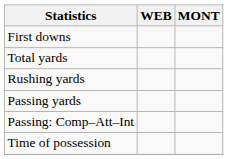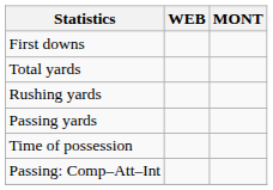 <table class="wikitable" style="float: left;">
 <tr>
 <th>Statistics</th>
 <th>WEB</th>
 <th>MONT</th>
 </tr>
 <tr>
 <td>First downs</td>
 <td></td>
 <td></td>
 </tr>
 <tr>
 <td>Total yards</td>
 <td></td>
 <td></td>
 </tr>
 <tr>
 <td>Rushing yards</td>
 <td></td>
 <td></td>
 </tr>
 <tr>
 <td>Passing yards</td>
 <td></td>
 <td></td>
 </tr>
 <tr>
-<td>Passing: Comp–Att–Int</td>
+<td>Time of possession</td>
 <td></td>
 <td></td>
 </tr>
 <tr>
-<td>Time of possession</td>
+<td>Passing: Comp–Att–Int</td>
 <td></td>
 <td></td>
 </tr>
 <tr>
 </tr>
 </table>
